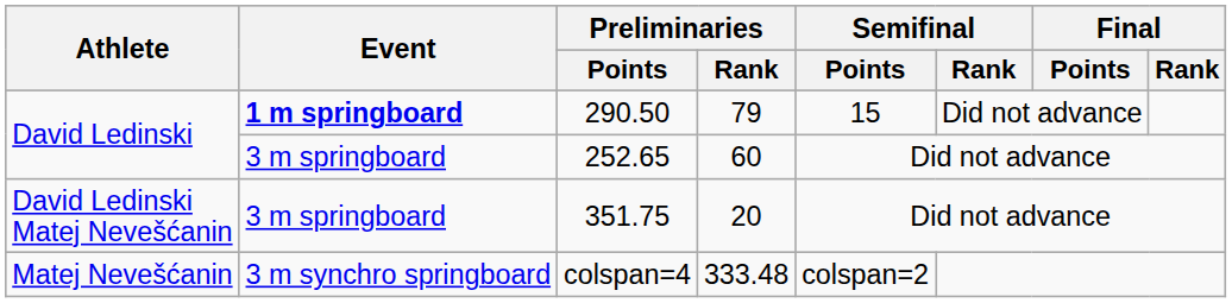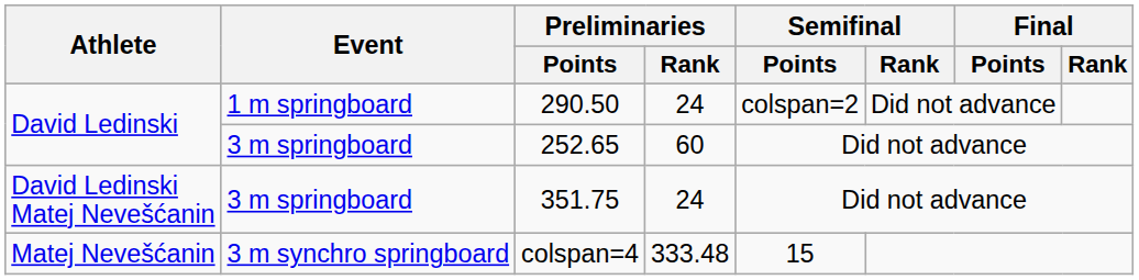 <table class="wikitable" style="text-align:center; font-size:90%;">
 <tr>
 <th rowspan=2>Athlete</th>
 <th rowspan=2>Event</th>
 <th colspan=2>Preliminaries</th>
 <th colspan=2>Semifinal</th>
 <th colspan=2>Final</th>
 </tr>
 <tr style="font-size:95%">
 <th>Points</th>
 <th>Rank</th>
 <th>Points</th>
 <th>Rank</th>
 <th>Points</th>
 <th>Rank</th>
 </tr>
 <tr>
 <td align="left" rowspan=2><a href='#'>David Ledinski</a></td>
-<td align="left"><strong><a href='#'>1 m springboard</a></strong></td>
+<td align="left"><a href='#'>1 m springboard</a></td>
 <td>290.50</td>
-<td>79</td>
-<td>15</td>
+<td>24</td>
+<td>colspan=2 </td>
 <td colspan="2">Did not advance</td>
 </tr>
 <tr>
 <td align="left"><a href='#'>3 m springboard</a></td>
 <td>252.65</td>
 <td>60</td>
 <td colspan="4">Did not advance</td>
 </tr>
 <tr>
 <td align="left"><a href='#'>David Ledinski</a> <br><a href='#'>Matej Nevešćanin</a></td>
 <td align="left"><a href='#'>3 m springboard</a></td>
 <td>351.75</td>
-<td>20</td>
+<td>24</td>
 <td colspan="4">Did not advance</td>
 </tr>
 <tr>
 <td align="left"><a href='#'>Matej Nevešćanin</a></td>
 <td align="left"><a href='#'>3 m synchro springboard</a></td>
 <td>colspan=4 </td>
 <td>333.48</td>
-<td>colspan=2 </td>
+<td>15</td>
 </tr>
 </table>
